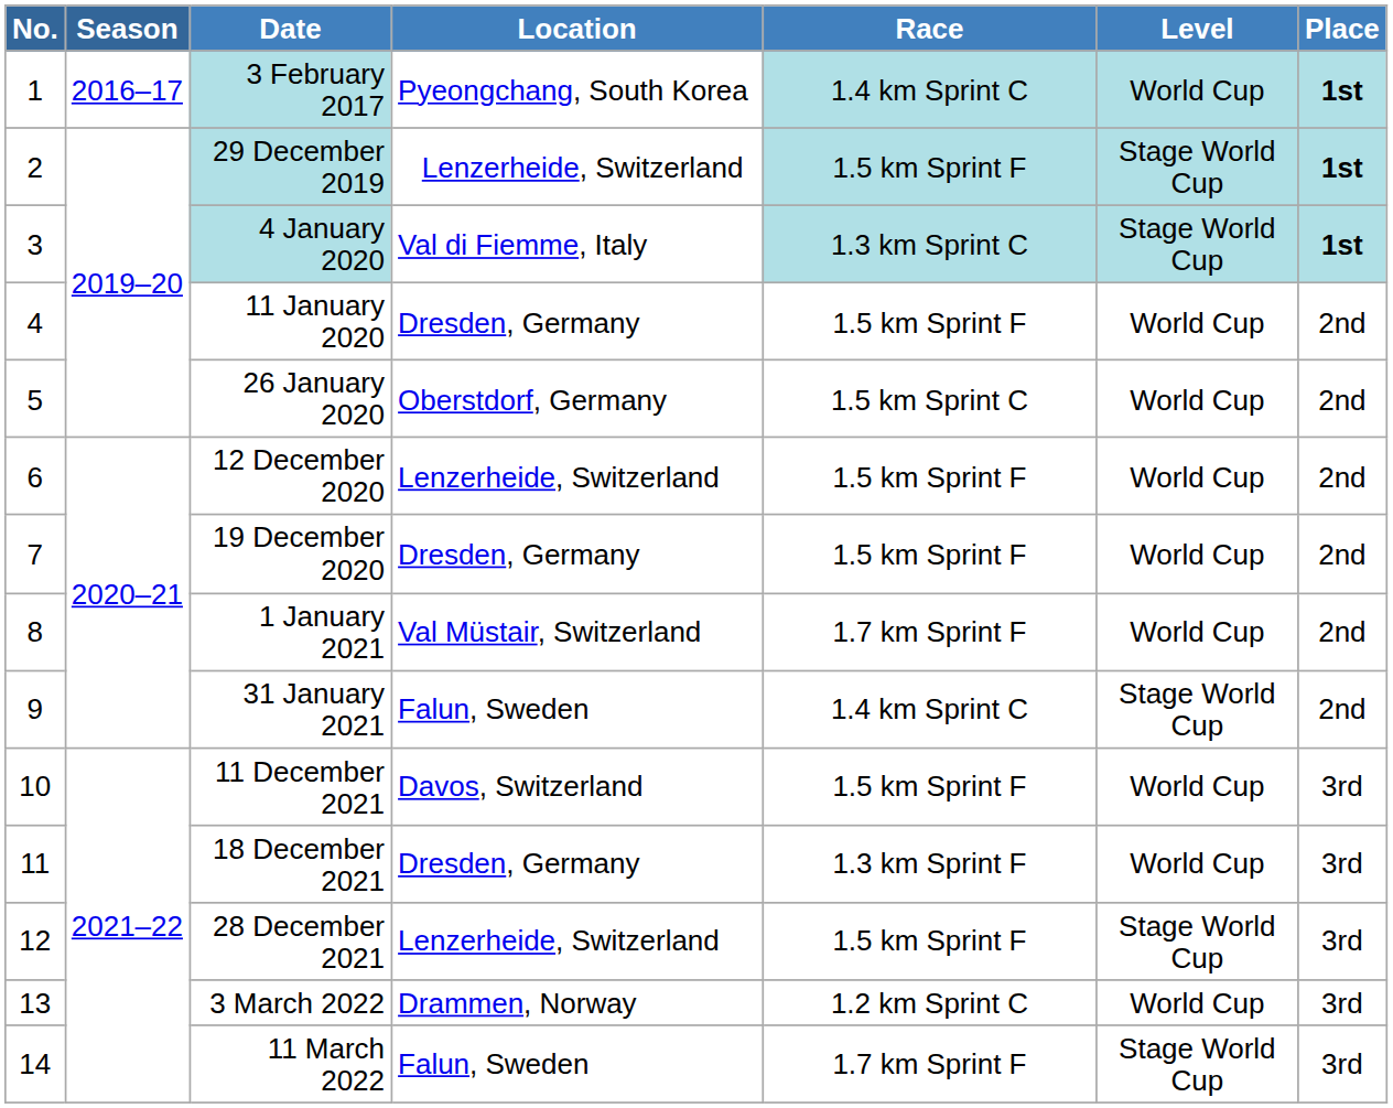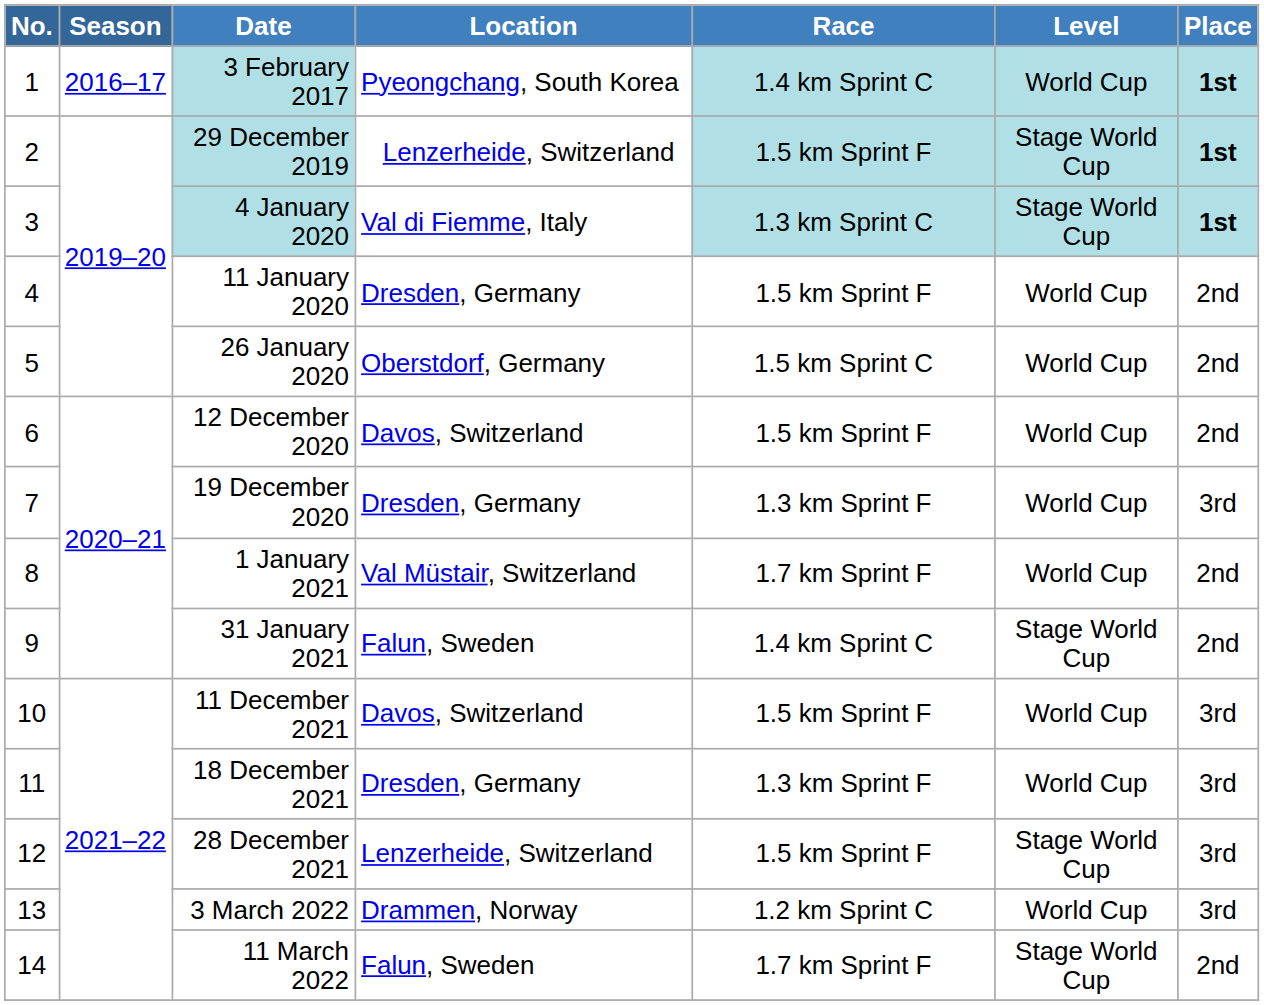 <table class="wikitable sortable" style="font-size:95%; text-align:center; border:grey solid 1px; border-collapse:collapse; background:#ffffff;">
 <tr style="background:#efefef;">
 <th style="background-color:#369; color:white;">No.</th>
 <th style="background-color:#369; color:white;">Season</th>
 <th style="background-color:#4180be; color:white; width:100px;">Date</th>
 <th style="background-color:#4180be; color:white; width:190px;">Location</th>
 <th style="background-color:#4180be; color:white; width:170px;">Race</th>
 <th style="background-color:#4180be; color:white; width:100px;">Level</th>
 <th style="background-color:#4180be; color:white;">Place</th>
 </tr>
 <tr>
 <td align=center>1</td>
 <td align=center><a href='#'>2016–17</a></td>
 <td bgcolor="#BOEOE6" align=right>3 February 2017</td>
 <td align=left> <a href='#'>Pyeongchang</a>, South Korea</td>
 <td bgcolor="#BOEOE6">1.4 km Sprint C</td>
 <td bgcolor="#BOEOE6">World Cup</td>
 <td bgcolor="#BOEOE6"><strong>1st</strong></td>
 </tr>
 <tr>
 <td align=center>2</td>
 <td rowspan=4 align=center><a href='#'>2019–20</a></td>
 <td bgcolor="#BOEOE6" align=right>29 December 2019</td>
 <td align=left>   <a href='#'>Lenzerheide</a>, Switzerland</td>
 <td bgcolor="#BOEOE6">1.5 km Sprint F</td>
 <td bgcolor="#BOEOE6">Stage World Cup</td>
 <td bgcolor="#BOEOE6"><strong>1st</strong></td>
 </tr>
 <tr>
 <td align=center>3</td>
 <td bgcolor="#BOEOE6" align=right>4 January 2020</td>
 <td align=left> <a href='#'>Val di Fiemme</a>, Italy</td>
 <td bgcolor="#BOEOE6">1.3 km Sprint C</td>
 <td bgcolor="#BOEOE6">Stage World Cup</td>
 <td bgcolor="#BOEOE6"><strong>1st</strong></td>
 </tr>
 <tr>
 <td align=center>4</td>
 <td align=right>11 January 2020</td>
 <td align=left> <a href='#'>Dresden</a>, Germany</td>
 <td>1.5 km Sprint F</td>
 <td>World Cup</td>
 <td>2nd</td>
 </tr>
 <tr>
 <td align=center>5</td>
 <td align=right>26 January 2020</td>
 <td align=left> <a href='#'>Oberstdorf</a>, Germany</td>
 <td>1.5 km Sprint C</td>
 <td>World Cup</td>
 <td>2nd</td>
 </tr>
 <tr>
 <td align=center>6</td>
 <td rowspan=4 align=center><a href='#'>2020–21</a></td>
 <td align=right>12 December 2020</td>
-<td align=left> <a href='#'>Lenzerheide</a>, Switzerland</td>
+<td align=left> <a href='#'>Davos</a>, Switzerland</td>
 <td>1.5 km Sprint F</td>
 <td>World Cup</td>
 <td>2nd</td>
 </tr>
 <tr>
 <td align=center>7</td>
 <td align=right>19 December 2020</td>
 <td align=left> <a href='#'>Dresden</a>, Germany</td>
-<td>1.5 km Sprint F</td>
+<td>1.3 km Sprint F</td>
 <td>World Cup</td>
-<td>2nd</td>
+<td>3rd</td>
 </tr>
 <tr>
 <td align=center>8</td>
 <td align=right>1 January  2021</td>
 <td align=left> <a href='#'>Val Müstair</a>, Switzerland</td>
 <td>1.7 km Sprint F</td>
 <td>World Cup</td>
 <td>2nd</td>
 </tr>
 <tr>
 <td align=center>9</td>
 <td align=right>31 January  2021</td>
 <td align=left> <a href='#'>Falun</a>, Sweden</td>
 <td>1.4 km Sprint C</td>
 <td>Stage World Cup</td>
 <td>2nd</td>
 </tr>
 <tr>
 <td align=center>10</td>
 <td rowspan=5 align=center><a href='#'>2021–22</a></td>
 <td align=right>11 December 2021</td>
 <td align=left> <a href='#'>Davos</a>, Switzerland</td>
 <td>1.5 km Sprint F</td>
 <td>World Cup</td>
 <td>3rd</td>
 </tr>
 <tr>
 <td align=center>11</td>
 <td align=right>18 December 2021</td>
 <td align=left> <a href='#'>Dresden</a>, Germany</td>
 <td>1.3 km Sprint F</td>
 <td>World Cup</td>
 <td>3rd</td>
 </tr>
 <tr>
 <td align=center>12</td>
 <td align=right>28 December 2021</td>
 <td align=left> <a href='#'>Lenzerheide</a>, Switzerland</td>
 <td>1.5 km Sprint F</td>
 <td>Stage World Cup</td>
 <td>3rd</td>
 </tr>
 <tr>
 <td align=center>13</td>
 <td align=right>3 March 2022</td>
 <td align=left> <a href='#'>Drammen</a>, Norway</td>
 <td>1.2 km Sprint C</td>
 <td>World Cup</td>
 <td>3rd</td>
 </tr>
 <tr>
 <td align=center>14</td>
 <td align=right>11 March 2022</td>
 <td align=left> <a href='#'>Falun</a>, Sweden</td>
 <td>1.7 km Sprint F</td>
 <td>Stage World Cup</td>
-<td>3rd</td>
+<td>2nd</td>
 </tr>
 </table>
